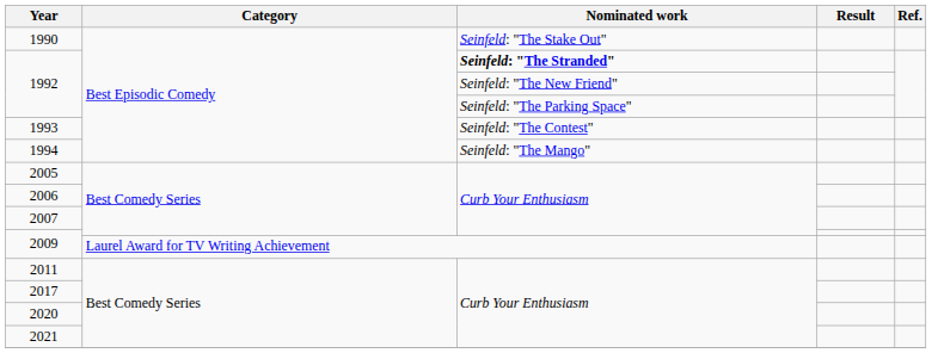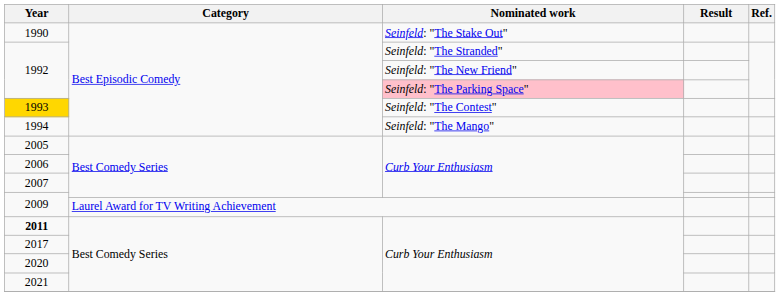 <table class=wikitable>
 <tr>
 <th scope="col" style="width:5em;">Year</th>
 <th scope="col" style="width:26em;">Category</th>
 <th scope="col" style="width:25em;">Nominated work</th>
 <th scope="col" style="width:5em;">Result</th>
 <th>Ref.</th>
 </tr>
 <tr>
 <td style="text-align:center;">1990</td>
 <td rowspan=6><a href='#'>Best Episodic Comedy</a></td>
 <td><em><a href='#'>Seinfeld</a></em>: "<a href='#'>The Stake Out</a>"</td>
 <td></td>
 <td></td>
 </tr>
 <tr>
 <td style="text-align:center;", rowspan=3>1992</td>
-<td><strong><em>Seinfeld</em>: "<a href='#'>The Stranded</a>"</strong></td>
+<td><em>Seinfeld</em>: "<a href='#'>The Stranded</a>"</td>
 <td></td>
 <td rowspan=3></td>
 </tr>
 <tr>
 <td><em>Seinfeld</em>: "<a href='#'>The New Friend</a>"</td>
 <td></td>
 </tr>
 <tr>
-<td><em>Seinfeld</em>: "<a href='#'>The Parking Space</a>"</td>
+<td style="background: pink;"><em>Seinfeld</em>: "<a href='#'>The Parking Space</a>"</td>
 <td></td>
 </tr>
 <tr>
-<td style="text-align:center;">1993</td>
+<td style="background: gold; text-align:center;">1993</td>
 <td><em>Seinfeld</em>: "<a href='#'>The Contest</a>"</td>
 <td></td>
 <td></td>
 </tr>
 <tr>
 <td style="text-align:center;">1994</td>
 <td><em>Seinfeld</em>: "<a href='#'>The Mango</a>"</td>
 <td></td>
 <td></td>
 </tr>
 <tr>
 <td style="text-align:center;">2005</td>
 <td rowspan=4><a href='#'>Best Comedy Series</a></td>
 <td rowspan=4><em><a href='#'>Curb Your Enthusiasm</a></em></td>
 <td></td>
 <td></td>
 </tr>
 <tr>
 <td style="text-align:center;">2006</td>
 <td></td>
 <td></td>
 </tr>
 <tr>
 <td style="text-align:center;">2007</td>
 <td></td>
 <td></td>
 </tr>
 <tr>
 <td style="text-align:center;", rowspan=2>2009</td>
 <td></td>
 <td></td>
 </tr>
 <tr>
 <td colspan=2><a href='#'>Laurel Award for TV Writing Achievement</a></td>
 <td></td>
 <td></td>
 </tr>
 <tr>
-<td style="text-align:center;">2011</td>
+<td style="text-align:center;"><strong>2011</strong></td>
 <td rowspan=4>Best Comedy Series</td>
 <td rowspan=4><em>Curb Your Enthusiasm</em></td>
 <td></td>
 <td></td>
 </tr>
 <tr>
 <td style="text-align:center;">2017</td>
 <td></td>
 <td></td>
 </tr>
 <tr>
 <td style="text-align:center;">2020</td>
 <td></td>
 <td></td>
 </tr>
 <tr>
 <td style="text-align:center;">2021</td>
 <td></td>
 <td></td>
 </tr>
 <tr>
 </tr>
 </table>
